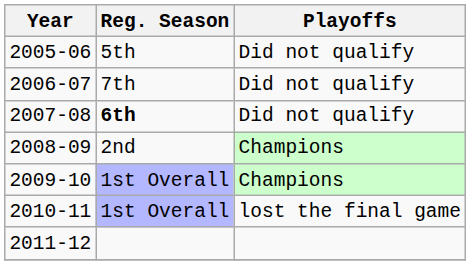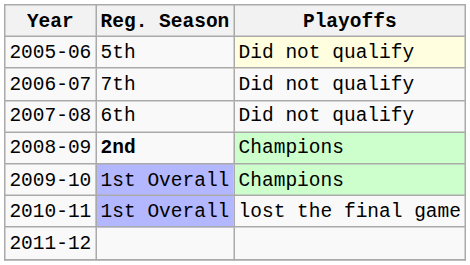 <table class="wikitable">
 <tr>
 <th>Year</th>
 <th>Reg. Season</th>
 <th>Playoffs</th>
 </tr>
 <tr>
 <td>2005-06</td>
 <td>5th </td>
-<td>Did not qualify</td>
+<td style="background: lightyellow;">Did not qualify</td>
 </tr>
 <tr>
 <td>2006-07</td>
 <td>7th </td>
 <td>Did not qualify</td>
 </tr>
 <tr>
 <td>2007-08</td>
-<td><strong>6th </strong></td>
+<td>6th </td>
 <td>Did not qualify</td>
 </tr>
 <tr>
 <td>2008-09</td>
-<td>2nd </td>
+<td><strong>2nd </strong></td>
 <td bgcolor="CCFFCC">Champions</td>
 </tr>
 <tr>
 <td>2009-10</td>
 <td bgcolor="B3B7FF">1st Overall </td>
 <td bgcolor="CCFFCC">Champions </td>
 </tr>
 <tr>
 <td>2010-11</td>
 <td bgcolor="B3B7FF">1st Overall </td>
 <td>lost the final game </td>
 </tr>
 <tr>
 <td>2011-12</td>
 <td></td>
 <td></td>
 </tr>
 <tr>
 </tr>
 </table>
